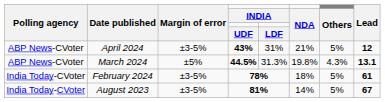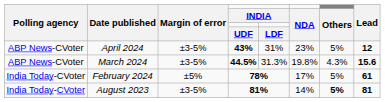 <table class="wikitable sortable" style="text-align:center;font-size:95%;line-height:16px">
 <tr>
 <th rowspan="4">Polling agency</th>
 <th rowspan="4">Date published</th>
 <th rowspan="4">Margin of error</th>
 <td colspan="2"></td>
 <td colspan="1"></td>
 <td colspan="1" bgcolor="grey"></td>
 <th rowspan="4">Lead</th>
 </tr>
 <tr>
 <th colspan="2"><a href='#'>INDIA</a></th>
 <th rowspan="3"><a href='#'>NDA</a></th>
 <th rowspan="3">Others</th>
 </tr>
 <tr>
 <td rowspan="1"></td>
 <td rowspan="1"></td>
 </tr>
 <tr>
 <th rowspan="1"><a href='#'>UDF</a></th>
 <th rowspan="1"><a href='#'>LDF</a></th>
 </tr>
 <tr>
 <td><a href='#'>ABP News</a>-CVoter</td>
 <td><em>April 2024</em></td>
 <td>±3-5%</td>
 <td><strong>43%</strong></td>
 <td>31%</td>
-<td>21%</td>
+<td>23%</td>
 <td>5%</td>
 <td><strong>12</strong></td>
 </tr>
 <tr>
 <td><a href='#'>ABP News</a>-CVoter</td>
 <td><em>March 2024</em></td>
-<td>±5%</td>
+<td>±3-5%</td>
 <td><strong>44.5%</strong></td>
 <td>31.3%</td>
 <td>19.8%</td>
 <td>4.3%</td>
-<td><strong>13.1</strong></td>
+<td><strong>15.6</strong></td>
 </tr>
 <tr>
 <td><a href='#'>India Today</a>-CVoter</td>
 <td><em>February 2024</em></td>
-<td>±3-5%</td>
+<td>±5%</td>
 <td colspan="2"><strong>78%</strong></td>
-<td>18%</td>
+<td>17%</td>
 <td>5%</td>
 <td><strong>61</strong></td>
 </tr>
 <tr>
 <td><a href='#'>India Today</a>-<a href='#'>CVoter</a></td>
 <td><em>August 2023</em></td>
 <td>±3-5%</td>
 <td colspan="2"><strong>81%</strong></td>
 <td>14%</td>
-<td>5%</td>
-<td><strong>67</strong></td>
+<td><strong>5%</strong></td>
+<td><strong>81</strong></td>
 </tr>
 </table>
